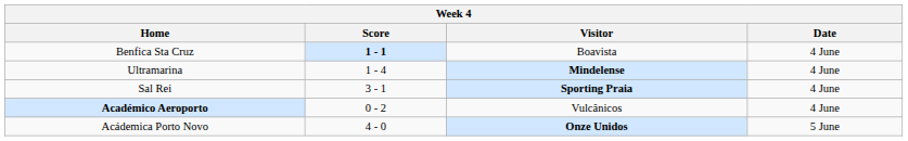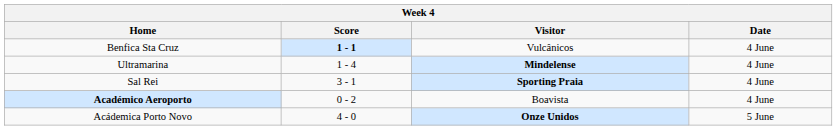 <table class="wikitable" style="margin:1em auto; font-size:95%; text-align: center; width: 95%;">
 <tr>
 <th colspan="12" style="with: 100%;" align=center>Week 4</th>
 </tr>
 <tr>
 <th width="200">Home</th>
 <th width="90">Score</th>
 <th width="200">Visitor</th>
 <th width="100">Date</th>
 </tr>
 <tr align=center>
 <td>Benfica Sta Cruz</td>
 <td bgcolor=#D0E7FF><strong>1 - 1</strong></td>
-<td>Boavista</td>
+<td>Vulcânicos</td>
 <td>4 June</td>
 </tr>
 <tr align=center>
 <td>Ultramarina</td>
 <td>1 - 4</td>
 <td bgcolor=#D0E7FF><strong>Mindelense</strong></td>
 <td>4 June</td>
 </tr>
 <tr align=center>
 <td>Sal Rei</td>
 <td>3 - 1</td>
 <td bgcolor=#D0E7FF><strong>Sporting Praia </strong></td>
 <td>4 June</td>
 </tr>
 <tr align=center>
 <td bgcolor=#D0E7FF><strong>Académico Aeroporto </strong></td>
 <td>0 - 2</td>
-<td>Vulcânicos</td>
+<td>Boavista</td>
 <td>4 June</td>
 </tr>
 <tr align=center>
 <td>Acádemica Porto Novo</td>
 <td>4 - 0</td>
 <td bgcolor=#D0E7FF><strong>Onze Unidos</strong></td>
 <td>5 June</td>
 </tr>
 </table>
